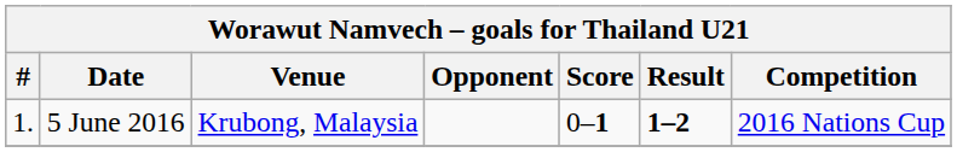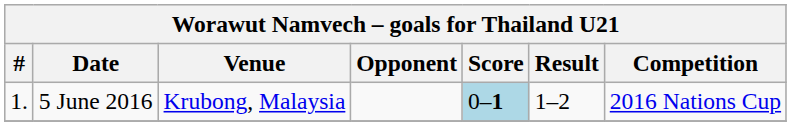 <table class="wikitable" style="font-size:95%;">
 <tr>
 <th colspan="8"><strong>Worawut Namvech – goals for Thailand U21</strong></th>
 </tr>
 <tr>
 <th>#</th>
 <th>Date</th>
 <th>Venue</th>
 <th>Opponent</th>
 <th>Score</th>
 <th>Result</th>
 <th>Competition</th>
 </tr>
 <tr>
 <td>1.</td>
 <td>5 June 2016</td>
 <td><a href='#'>Krubong</a>, <a href='#'>Malaysia</a></td>
 <td></td>
-<td>0–<strong>1</strong></td>
-<td><strong>1–2</strong></td>
+<td style="background: lightblue;">0–<strong>1</strong></td>
+<td>1–2</td>
 <td><a href='#'>2016 Nations Cup</a></td>
 </tr>
 <tr>
 </tr>
 </table>
